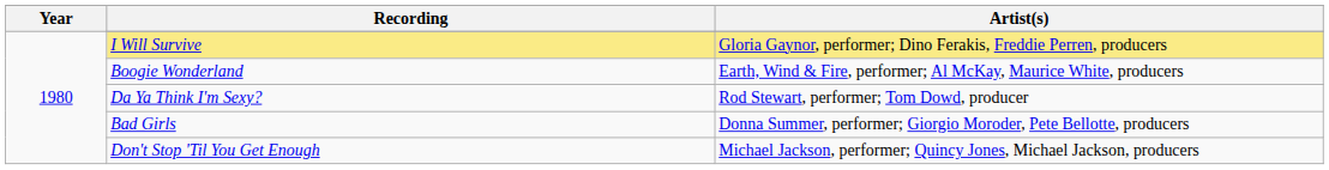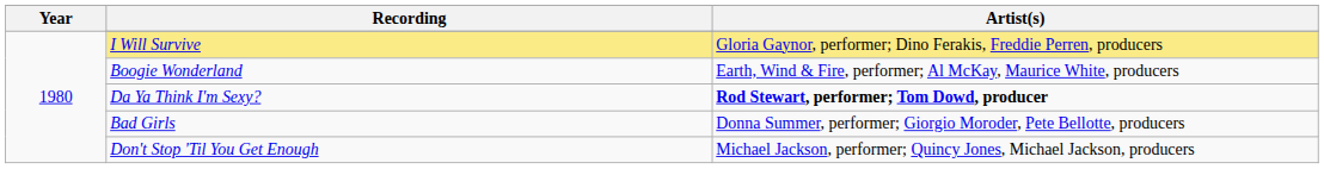 <table class="wikitable" style="width:100%">
 <tr bgcolor="#bebebe">
 </tr>
 <tr bgcolor="#bebebe">
 <th width="5%">Year</th>
 <th width="30%">Recording</th>
 <th width="30%">Artist(s)</th>
 </tr>
 <tr>
 <td rowspan="6" style="text-align:center;"><a href='#'>1980</a><br></td>
 </tr>
 <tr style="background:#FAEB86;">
 <td><em><a href='#'>I Will Survive</a></em></td>
 <td><a href='#'>Gloria Gaynor</a>, performer; Dino Ferakis, <a href='#'>Freddie Perren</a>, producers</td>
 </tr>
 <tr>
 <td><em><a href='#'>Boogie Wonderland</a></em></td>
 <td><a href='#'>Earth, Wind & Fire</a>, performer; <a href='#'>Al McKay</a>, <a href='#'>Maurice White</a>, producers</td>
 </tr>
 <tr>
 <td><em><a href='#'>Da Ya Think I'm Sexy?</a></em></td>
-<td><a href='#'>Rod Stewart</a>, performer; <a href='#'>Tom Dowd</a>, producer</td>
+<td><strong><a href='#'>Rod Stewart</a>, performer; <a href='#'>Tom Dowd</a>, producer</strong></td>
 </tr>
 <tr>
 <td><em><a href='#'>Bad Girls</a></em></td>
 <td><a href='#'>Donna Summer</a>, performer; <a href='#'>Giorgio Moroder</a>, <a href='#'>Pete Bellotte</a>, producers</td>
 </tr>
 <tr>
 <td><em><a href='#'>Don't Stop 'Til You Get Enough</a></em></td>
 <td><a href='#'>Michael Jackson</a>, performer; <a href='#'>Quincy Jones</a>, Michael Jackson, producers</td>
 </tr>
 </table>
